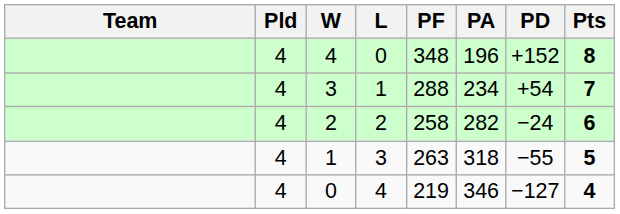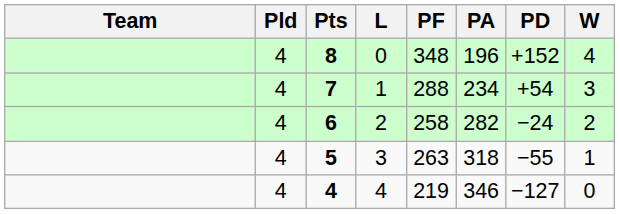 <table class=wikitable style="text-align:center">
 <tr>
 <th width=180>Team</th>
 <th width=30>Pld</th>
-<th width=30>W</th>
+<th width=30>Pts</th>
 <th width=30>L</th>
 <th width=30>PF</th>
 <th width=30>PA</th>
 <th width=30>PD</th>
-<th width=30>Pts</th>
+<th width=30>W</th>
 </tr>
 <tr bgcolor="#ccffcc">
 <td align="left"></td>
 <td>4</td>
-<td>4</td>
+<td><strong>8</strong></td>
 <td>0</td>
 <td>348</td>
 <td>196</td>
 <td>+152</td>
-<td><strong>8</strong></td>
+<td>4</td>
 </tr>
 <tr bgcolor="#ccffcc">
 <td align="left"></td>
 <td>4</td>
-<td>3</td>
+<td><strong>7</strong></td>
 <td>1</td>
 <td>288</td>
 <td>234</td>
 <td>+54</td>
-<td><strong>7</strong></td>
+<td>3</td>
 </tr>
 <tr bgcolor="#ccffcc">
 <td align="left"></td>
 <td>4</td>
-<td>2</td>
+<td><strong>6</strong></td>
 <td>2</td>
 <td>258</td>
 <td>282</td>
 <td>−24</td>
-<td><strong>6</strong></td>
+<td>2</td>
 </tr>
 <tr>
 <td align="left"></td>
 <td>4</td>
-<td>1</td>
+<td><strong>5</strong></td>
 <td>3</td>
 <td>263</td>
 <td>318</td>
 <td>−55</td>
-<td><strong>5</strong></td>
+<td>1</td>
 </tr>
 <tr>
 <td align="left"></td>
 <td>4</td>
-<td>0</td>
+<td><strong>4</strong></td>
 <td>4</td>
 <td>219</td>
 <td>346</td>
 <td>−127</td>
-<td><strong>4</strong></td>
+<td>0</td>
 </tr>
 </table>
